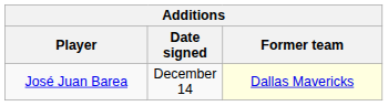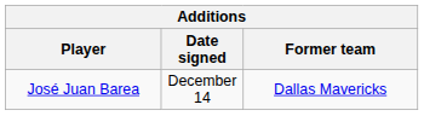 <table class="wikitable" style="text-align:center">
 <tr>
 <th colspan=3>Additions</th>
 </tr>
 <tr>
 <th style="width:160px">Player</th>
 <th style="width:80px">Date signed</th>
 <th style="width:180px">Former team</th>
 </tr>
 <tr>
 <td><a href='#'>José Juan Barea</a></td>
 <td>December 14</td>
-<td style="background: lightyellow;"><a href='#'>Dallas Mavericks</a></td>
+<td><a href='#'>Dallas Mavericks</a></td>
 </tr>
 </table>
